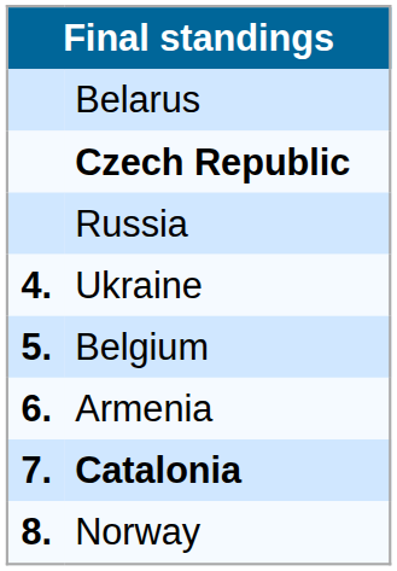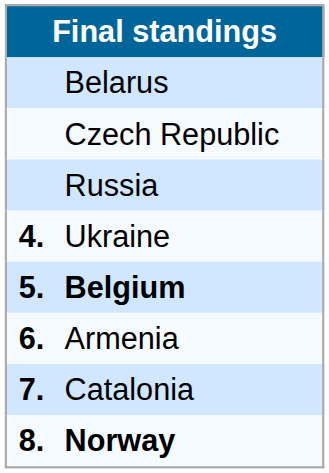 <table align=center cellpadding="4" cellspacing="0" style="background: #f9f9f9; border: 1px #aaa solid; border-collapse: collapse; font-size: 90%;" width=150>
 <tr align=center bgcolor=#006699 style="color:white;">
 <th width=100% colspan=2>Final standings</th>
 </tr>
 <tr align=center bgcolor=#D0E7FF>
 <td></td>
 <td align=left> Belarus</td>
 </tr>
 <tr align=center bgcolor=#f5faff>
 <td></td>
-<td align=left><strong> Czech Republic</strong></td>
+<td align=left> Czech Republic</td>
 </tr>
 <tr align=center bgcolor=#D0E7FF>
 <td></td>
 <td align=left> Russia</td>
 </tr>
 <tr align=center bgcolor=#f5faff>
 <td><strong>4.</strong></td>
 <td align=left> Ukraine</td>
 </tr>
 <tr align=center bgcolor=#D0E7FF>
 <td><strong>5.</strong></td>
-<td align=left> Belgium</td>
+<td align=left><strong> Belgium</strong></td>
 </tr>
 <tr align=center bgcolor=#f5faff>
 <td><strong>6.</strong></td>
 <td align=left> Armenia</td>
 </tr>
 <tr align=center bgcolor=#D0E7FF>
 <td><strong>7.</strong></td>
-<td align=left><strong> Catalonia</strong></td>
+<td align=left> Catalonia</td>
 </tr>
 <tr align=center bgcolor=#f5faff>
 <td><strong>8.</strong></td>
-<td align=left> Norway</td>
+<td align=left><strong> Norway</strong></td>
 </tr>
 </table>
